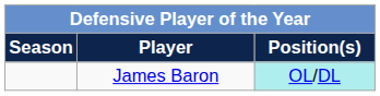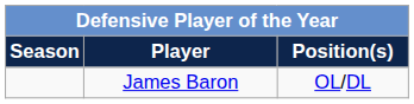 <table class="wikitable sortable" style="text-align:center">
 <tr>
 <td colspan="4" style="background:#648fcc; color:white;"><strong>Defensive Player of the Year</strong></td>
 </tr>
 <tr>
 <th style="width:50px; background:#0d254c; color:white;">Season</th>
 <th style="width:150px; background:#0d254c; color:white;">Player</th>
 <th style="width:100px; background:#0d254c; color:white;">Position(s)</th>
 </tr>
 <tr>
 <td></td>
 <td><a href='#'>James Baron</a></td>
-<td style="background: paleturquoise;"><a href='#'>OL</a>/<a href='#'>DL</a></td>
+<td><a href='#'>OL</a>/<a href='#'>DL</a></td>
 </tr>
 </table>
